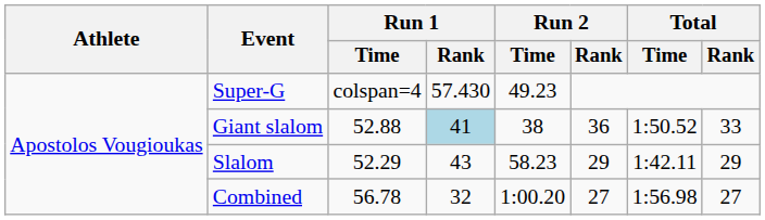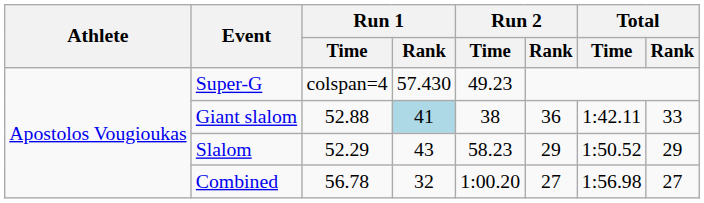 <table class="wikitable" style="font-size:90%">
 <tr>
 <th rowspan=2>Athlete</th>
 <th rowspan=2>Event</th>
 <th colspan=2>Run 1</th>
 <th colspan=2>Run 2</th>
 <th colspan=2>Total</th>
 </tr>
 <tr style="font-size:95%">
 <th>Time</th>
 <th>Rank</th>
 <th>Time</th>
 <th>Rank</th>
 <th>Time</th>
 <th>Rank</th>
 </tr>
 <tr align=center>
 <td align="left" rowspan="4"><a href='#'>Apostolos Vougioukas</a></td>
 <td align="left"><a href='#'>Super-G</a></td>
 <td>colspan=4</td>
 <td>57.430</td>
 <td>49.23</td>
 </tr>
 <tr align=center>
 <td align="left"><a href='#'>Giant slalom</a></td>
 <td>52.88</td>
 <td style="background: lightblue;">41</td>
 <td>38</td>
 <td>36</td>
-<td>1:50.52</td>
+<td>1:42.11</td>
 <td>33</td>
 </tr>
 <tr align=center>
 <td align="left"><a href='#'>Slalom</a></td>
 <td>52.29</td>
 <td>43</td>
 <td>58.23</td>
 <td>29</td>
-<td>1:42.11</td>
+<td>1:50.52</td>
 <td>29</td>
 </tr>
 <tr align=center>
 <td align="left"><a href='#'>Combined</a></td>
 <td>56.78</td>
 <td>32</td>
 <td>1:00.20</td>
 <td>27</td>
 <td>1:56.98</td>
 <td>27</td>
 </tr>
 </table>
